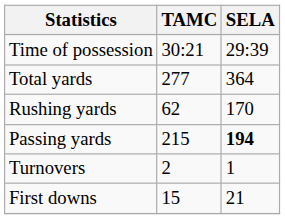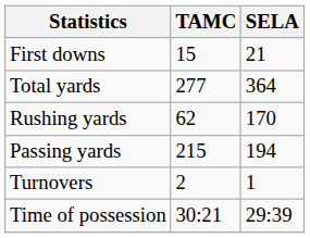 <table class="wikitable" style="float: left;">
 <tr>
 <th>Statistics</th>
 <th>TAMC</th>
 <th>SELA</th>
 </tr>
 <tr>
-<td>Time of possession</td>
-<td>30:21</td>
-<td>29:39</td>
+<td>First downs</td>
+<td>15</td>
+<td>21</td>
 </tr>
 <tr>
 <td>Total yards</td>
 <td>277</td>
 <td>364</td>
 </tr>
 <tr>
 <td>Rushing yards</td>
 <td>62</td>
 <td>170</td>
 </tr>
 <tr>
 <td>Passing yards</td>
 <td>215</td>
-<td><strong>194</strong></td>
+<td>194</td>
 </tr>
 <tr>
 <td>Turnovers</td>
 <td>2</td>
 <td>1</td>
 </tr>
 <tr>
-<td>First downs</td>
-<td>15</td>
-<td>21</td>
+<td>Time of possession</td>
+<td>30:21</td>
+<td>29:39</td>
 </tr>
 <tr>
 </tr>
 </table>
